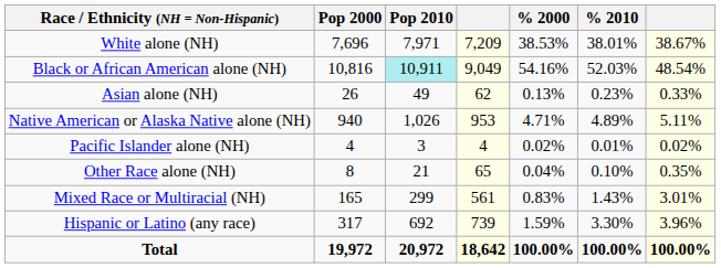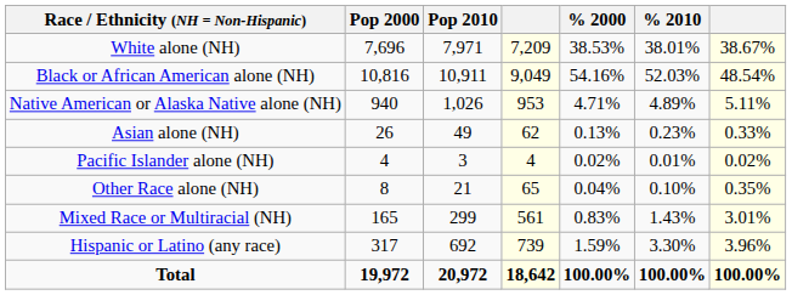 <table class="wikitable" style="text-align:center;">
 <tr>
 <th>Race / Ethnicity <small>(<em>NH = Non-Hispanic</em>)</small></th>
 <th>Pop 2000</th>
 <th>Pop 2010</th>
 <th></th>
 <th>% 2000</th>
 <th>% 2010</th>
 <th></th>
 </tr>
 <tr>
 <td><a href='#'>White</a> alone (NH)</td>
 <td>7,696</td>
 <td>7,971</td>
 <td style='background: #ffffe6;'>7,209</td>
 <td>38.53%</td>
 <td>38.01%</td>
 <td style='background: #ffffe6;'>38.67%</td>
 </tr>
 <tr>
 <td><a href='#'>Black or African American</a> alone (NH)</td>
 <td>10,816</td>
-<td style="background: paleturquoise;">10,911</td>
+<td>10,911</td>
 <td style='background: #ffffe6;'>9,049</td>
 <td>54.16%</td>
 <td>52.03%</td>
 <td style='background: #ffffe6;'>48.54%</td>
+</tr>
+<tr>
+<td><a href='#'>Native American</a> or <a href='#'>Alaska Native</a> alone (NH)</td>
+<td>940</td>
+<td>1,026</td>
+<td style='background: #ffffe6;'>953</td>
+<td>4.71%</td>
+<td>4.89%</td>
+<td style='background: #ffffe6;'>5.11%</td>
 </tr>
 <tr>
 <td><a href='#'>Asian</a> alone (NH)</td>
 <td>26</td>
 <td>49</td>
 <td style='background: #ffffe6;'>62</td>
 <td>0.13%</td>
 <td>0.23%</td>
 <td style='background: #ffffe6;'>0.33%</td>
-</tr>
-<tr>
-<td><a href='#'>Native American</a> or <a href='#'>Alaska Native</a> alone (NH)</td>
-<td>940</td>
-<td>1,026</td>
-<td style='background: #ffffe6;'>953</td>
-<td>4.71%</td>
-<td>4.89%</td>
-<td style='background: #ffffe6;'>5.11%</td>
 </tr>
 <tr>
 <td><a href='#'>Pacific Islander</a> alone (NH)</td>
 <td>4</td>
 <td>3</td>
 <td style='background: #ffffe6;'>4</td>
 <td>0.02%</td>
 <td>0.01%</td>
 <td style='background: #ffffe6;'>0.02%</td>
 </tr>
 <tr>
 <td><a href='#'>Other Race</a> alone (NH)</td>
 <td>8</td>
 <td>21</td>
 <td style='background: #ffffe6;'>65</td>
 <td>0.04%</td>
 <td>0.10%</td>
 <td style='background: #ffffe6;'>0.35%</td>
 </tr>
 <tr>
 <td><a href='#'>Mixed Race or Multiracial</a> (NH)</td>
 <td>165</td>
 <td>299</td>
 <td style='background: #ffffe6;'>561</td>
 <td>0.83%</td>
 <td>1.43%</td>
 <td style='background: #ffffe6;'>3.01%</td>
 </tr>
 <tr>
 <td><a href='#'>Hispanic or Latino</a> (any race)</td>
 <td>317</td>
 <td>692</td>
 <td style='background: #ffffe6;'>739</td>
 <td>1.59%</td>
 <td>3.30%</td>
 <td style='background: #ffffe6;'>3.96%</td>
 </tr>
 <tr>
 <td><strong>Total</strong></td>
 <td><strong>19,972</strong></td>
 <td><strong>20,972</strong></td>
 <td style='background: #ffffe6;'><strong>18,642</strong></td>
 <td><strong>100.00%</strong></td>
 <td><strong>100.00%</strong></td>
 <td style='background: #ffffe6;'><strong>100.00%</strong></td>
 </tr>
 </table>
